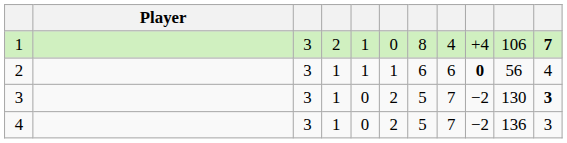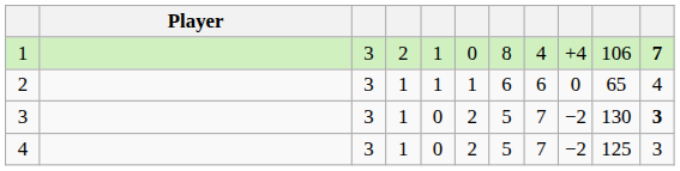 <table class="wikitable" style="text-align:center; margin: 1em auto 1em auto, align:left">
 <tr>
 <th width=20></th>
 <th width=240>Player</th>
 <th width=20></th>
 <th width=20></th>
 <th width=20></th>
 <th width=20></th>
 <th width=20></th>
 <th width=20></th>
 <th width=20></th>
 <th width=30></th>
 <th width=20></th>
 </tr>
 <tr style="background:#D0F0C0;">
 <td>1</td>
 <td align=left></td>
 <td>3</td>
 <td>2</td>
 <td>1</td>
 <td>0</td>
 <td>8</td>
 <td>4</td>
 <td>+4</td>
 <td>106</td>
 <td><strong>7</strong></td>
 </tr>
 <tr style=>
 <td>2</td>
 <td align=left></td>
 <td>3</td>
 <td>1</td>
 <td>1</td>
 <td>1</td>
 <td>6</td>
 <td>6</td>
-<td><strong>0</strong></td>
-<td>56</td>
+<td>0</td>
+<td>65</td>
 <td>4</td>
 </tr>
 <tr style=>
 <td>3</td>
 <td align=left></td>
 <td>3</td>
 <td>1</td>
 <td>0</td>
 <td>2</td>
 <td>5</td>
 <td>7</td>
 <td>−2</td>
 <td>130</td>
 <td><strong>3</strong></td>
 </tr>
 <tr style=>
 <td>4</td>
 <td align=left></td>
 <td>3</td>
 <td>1</td>
 <td>0</td>
 <td>2</td>
 <td>5</td>
 <td>7</td>
 <td>−2</td>
-<td>136</td>
+<td>125</td>
 <td>3</td>
 </tr>
 </table>
